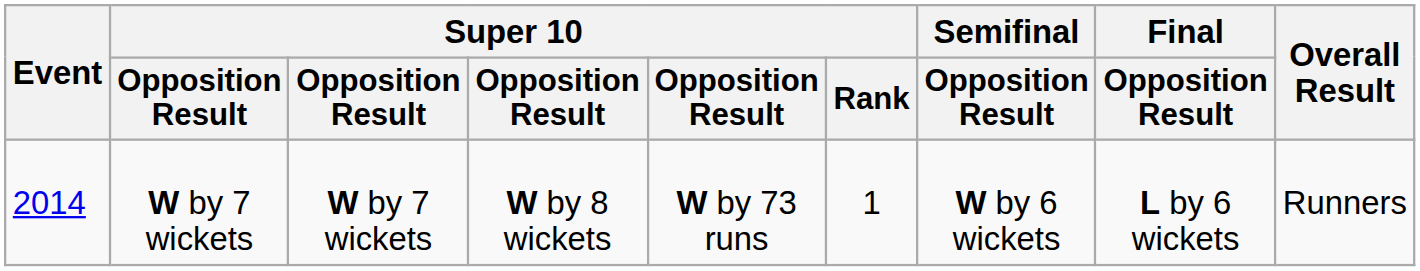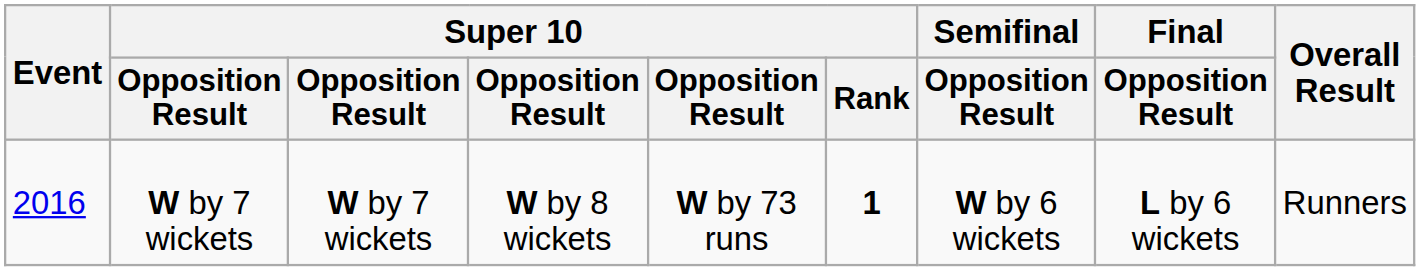 <table class=wikitable style=font-size:90%;text-align:center>
 <tr>
 <th rowspan=2>Event</th>
 <th colspan=5>Super 10</th>
 <th>Semifinal</th>
 <th>Final</th>
 <th rowspan=2>Overall Result</th>
 </tr>
 <tr style=font-size:95%>
 <th>Opposition<br>Result</th>
 <th>Opposition<br>Result</th>
 <th>Opposition<br>Result</th>
 <th>Opposition<br>Result</th>
 <th>Rank</th>
 <th>Opposition<br>Result</th>
 <th>Opposition<br>Result</th>
 </tr>
 <tr>
-<td align=left><a href='#'>2014</a></td>
+<td align=left><a href='#'>2016</a></td>
 <td><br><strong>W</strong> by 7 wickets</td>
 <td><br><strong>W</strong> by 7 wickets</td>
 <td><br><strong>W</strong> by 8 wickets</td>
 <td><br><strong>W</strong> by 73 runs</td>
-<td>1</td>
+<td><strong>1</strong></td>
 <td><br><strong>W</strong> by 6 wickets</td>
 <td><br><strong>L</strong> by 6 wickets</td>
 <td>Runners</td>
 </tr>
 </table>
